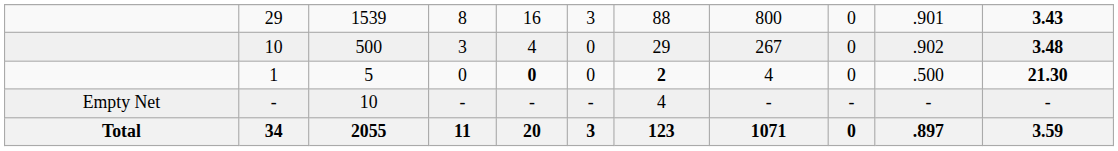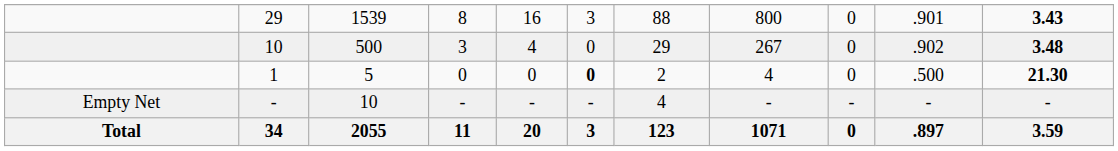 <table class="wikitable sortable" width ="1000">
 <tr align="center">
 </tr>
 <tr align="center">
 <td></td>
 <td>29</td>
 <td>1539</td>
 <td>8</td>
 <td>16</td>
 <td>3</td>
 <td>88</td>
 <td>800</td>
 <td>0</td>
 <td>.901</td>
 <td><strong>3.43</strong></td>
 </tr>
 <tr align="center" bgcolor="f0f0f0">
 <td></td>
 <td>10</td>
 <td>500</td>
 <td>3</td>
 <td>4</td>
 <td>0</td>
 <td>29</td>
 <td>267</td>
 <td>0</td>
 <td>.902</td>
 <td><strong>3.48</strong></td>
 </tr>
 <tr align="center" bgcolor="">
 <td></td>
 <td>1</td>
 <td>5</td>
 <td>0</td>
+<td>0</td>
 <td><strong>0</strong></td>
-<td>0</td>
-<td><strong>2</strong></td>
+<td>2</td>
 <td>4</td>
 <td>0</td>
 <td>.500</td>
 <td><strong>21.30</strong></td>
 </tr>
 <tr align="center" bgcolor="f0f0f0">
 <td>Empty Net</td>
 <td>-</td>
 <td>10</td>
 <td>-</td>
 <td>-</td>
 <td>-</td>
 <td>4</td>
 <td>-</td>
 <td>-</td>
 <td>-</td>
 <td>-</td>
 </tr>
 <tr>
 <th>Total</th>
 <th>34</th>
 <th>2055</th>
 <th>11</th>
 <th>20</th>
 <th>3</th>
 <th>123</th>
 <th>1071</th>
 <th>0</th>
 <th>.897</th>
 <th>3.59</th>
 </tr>
 </table>
